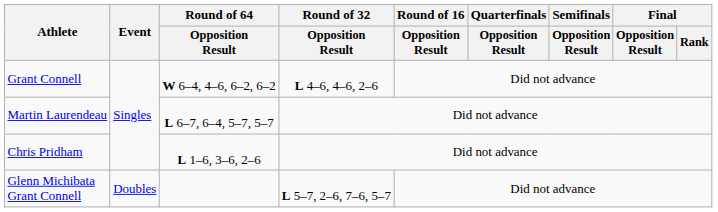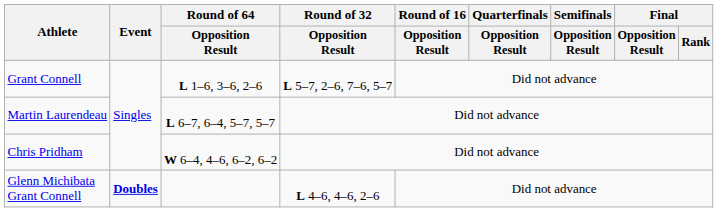 <table class="wikitable" style="font-size:90%">
 <tr>
 <th rowspan="2">Athlete</th>
 <th rowspan="2">Event</th>
 <th>Round of 64</th>
 <th>Round of 32</th>
 <th>Round of 16</th>
 <th>Quarterfinals</th>
 <th>Semifinals</th>
 <th colspan=2>Final</th>
 </tr>
 <tr style="font-size:95%">
 <th>Opposition<br>Result</th>
 <th>Opposition<br>Result</th>
 <th>Opposition<br>Result</th>
 <th>Opposition<br>Result</th>
 <th>Opposition<br>Result</th>
 <th>Opposition<br>Result</th>
 <th>Rank</th>
 </tr>
 <tr align=center>
 <td align=left><a href='#'>Grant Connell</a></td>
 <td align=left rowspan=3><a href='#'>Singles</a></td>
-<td><br><strong>W</strong> 6–4, 4–6, 6–2, 6–2</td>
-<td><br><strong>L</strong> 4–6, 4–6, 2–6</td>
+<td><br><strong>L</strong> 1–6, 3–6, 2–6</td>
+<td><br><strong>L</strong> 5–7, 2–6, 7–6, 5–7</td>
 <td colspan=5>Did not advance</td>
 </tr>
 <tr align=center>
 <td align=left><a href='#'>Martin Laurendeau</a></td>
 <td><br><strong>L</strong> 6–7, 6–4, 5–7, 5–7</td>
 <td colspan=6>Did not advance</td>
 </tr>
 <tr align=center>
 <td align=left><a href='#'>Chris Pridham</a></td>
-<td><br><strong>L</strong> 1–6, 3–6, 2–6</td>
+<td><br><strong>W</strong> 6–4, 4–6, 6–2, 6–2</td>
 <td colspan=6>Did not advance</td>
 </tr>
 <tr align=center>
 <td align=left><a href='#'>Glenn Michibata</a><br><a href='#'>Grant Connell</a></td>
-<td align=left><a href='#'>Doubles</a></td>
+<td align=left><strong><a href='#'>Doubles</a></strong></td>
 <td></td>
-<td><br><strong>L</strong> 5–7, 2–6, 7–6, 5–7</td>
+<td><br><strong>L</strong> 4–6, 4–6, 2–6</td>
 <td colspan=5>Did not advance</td>
 </tr>
 </table>
